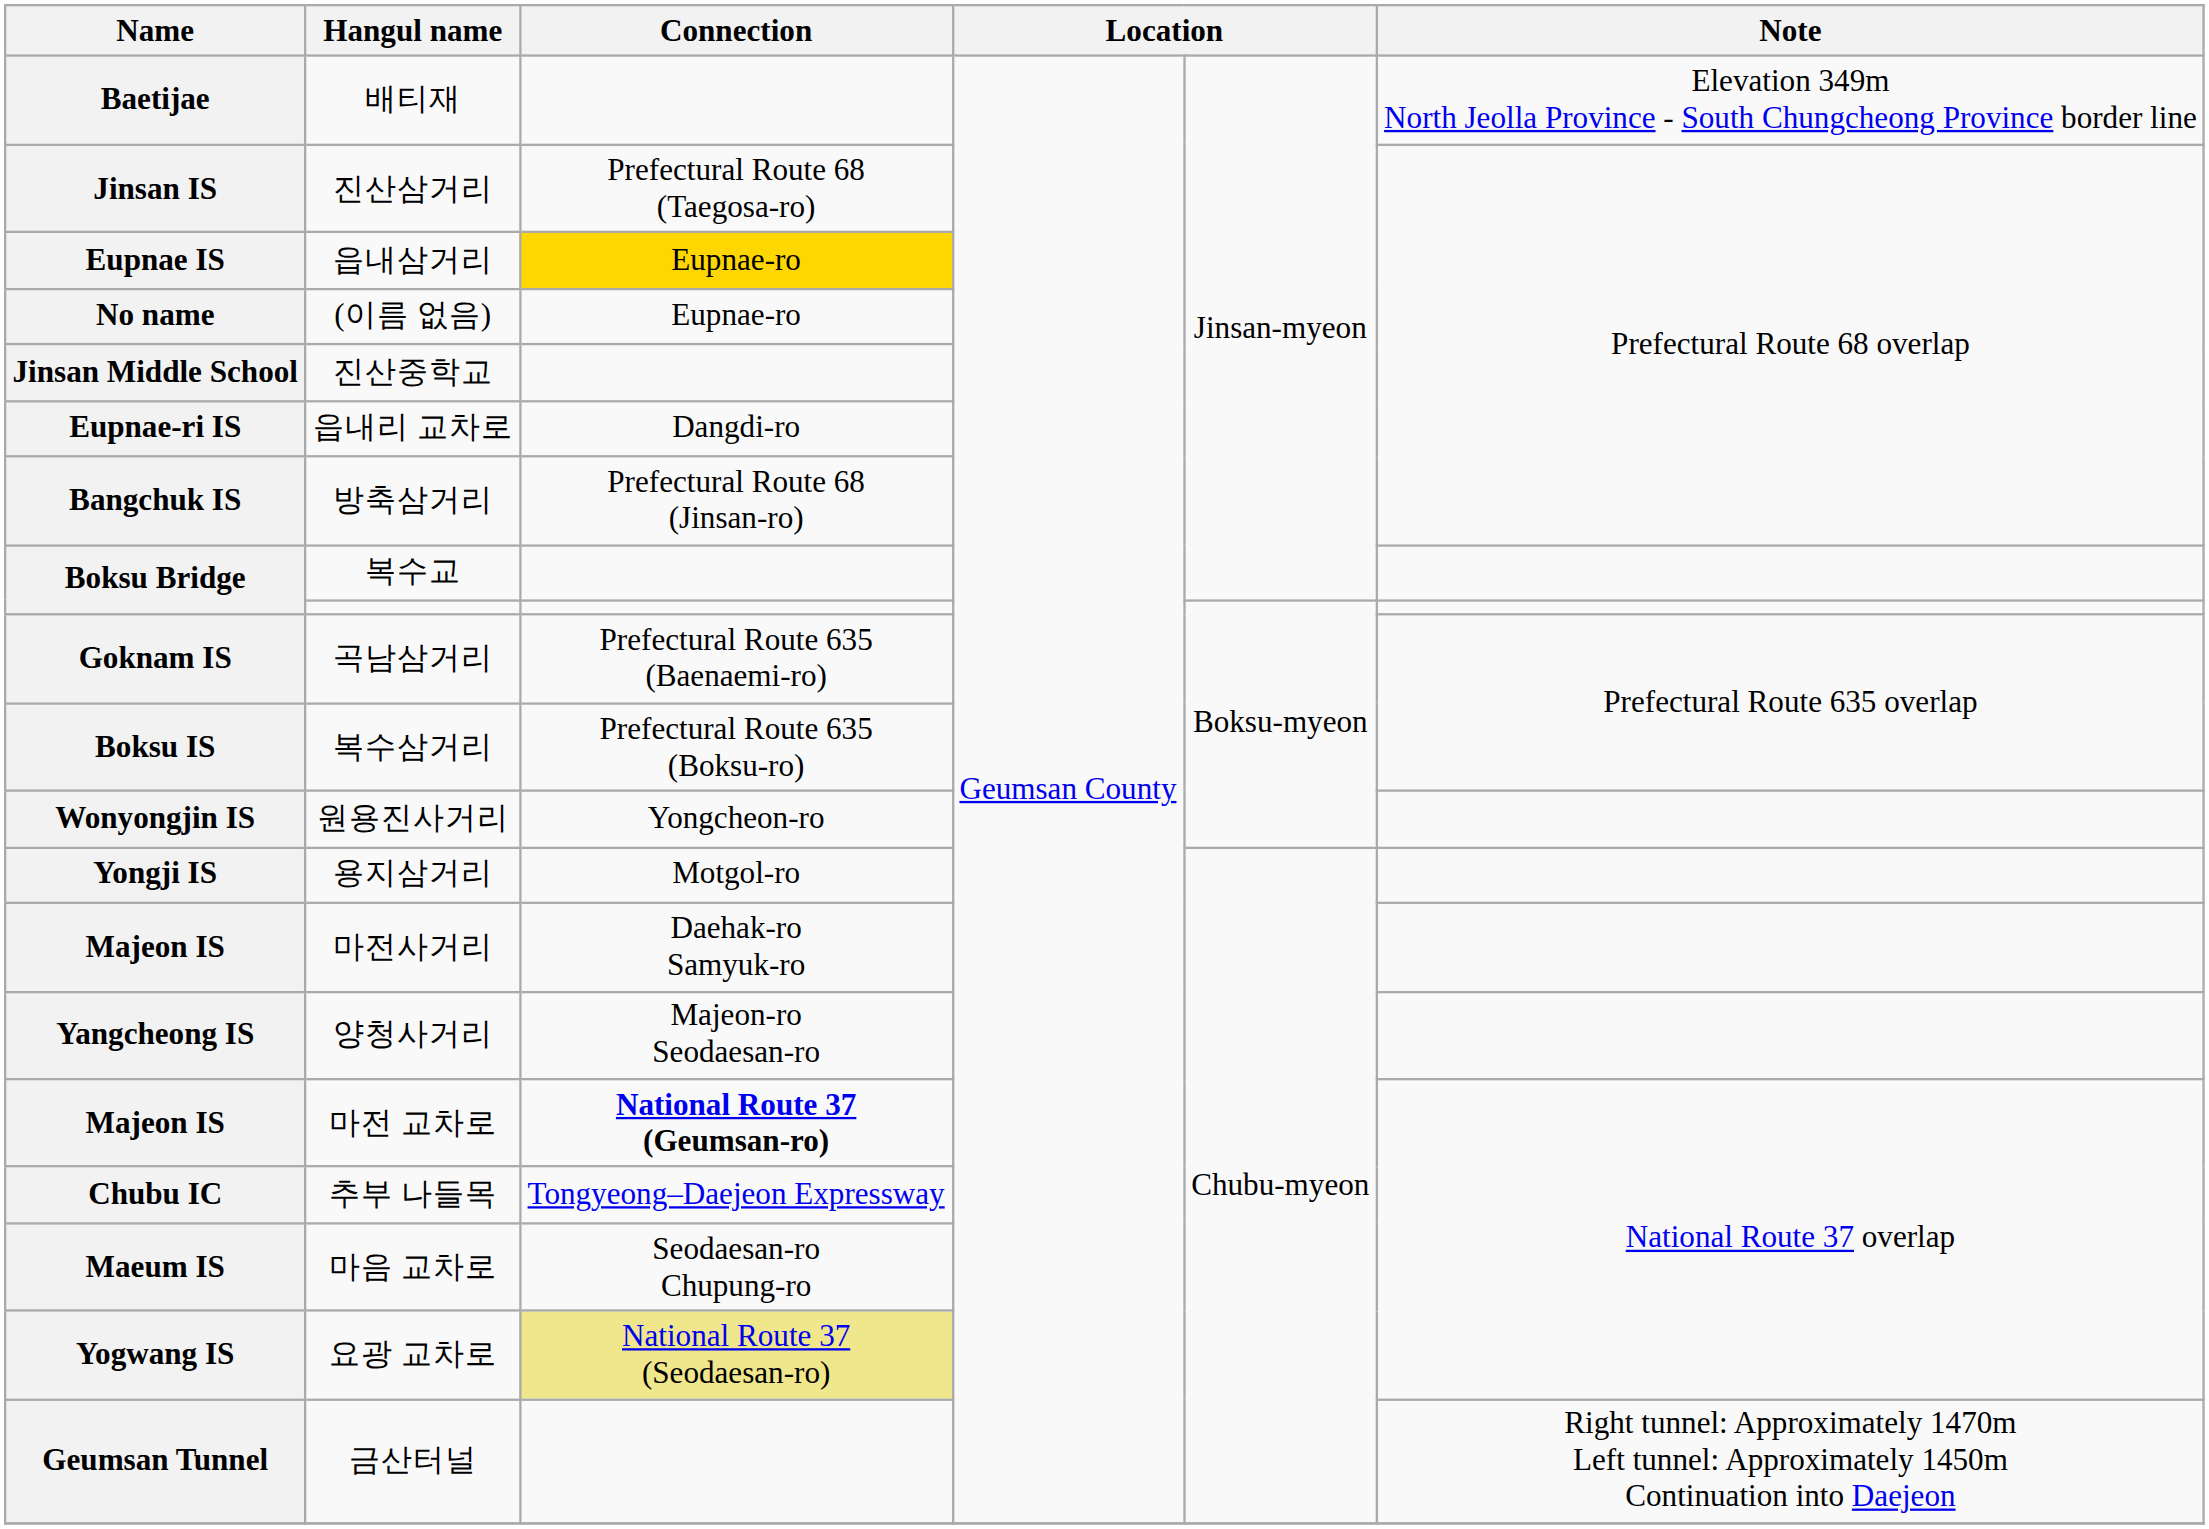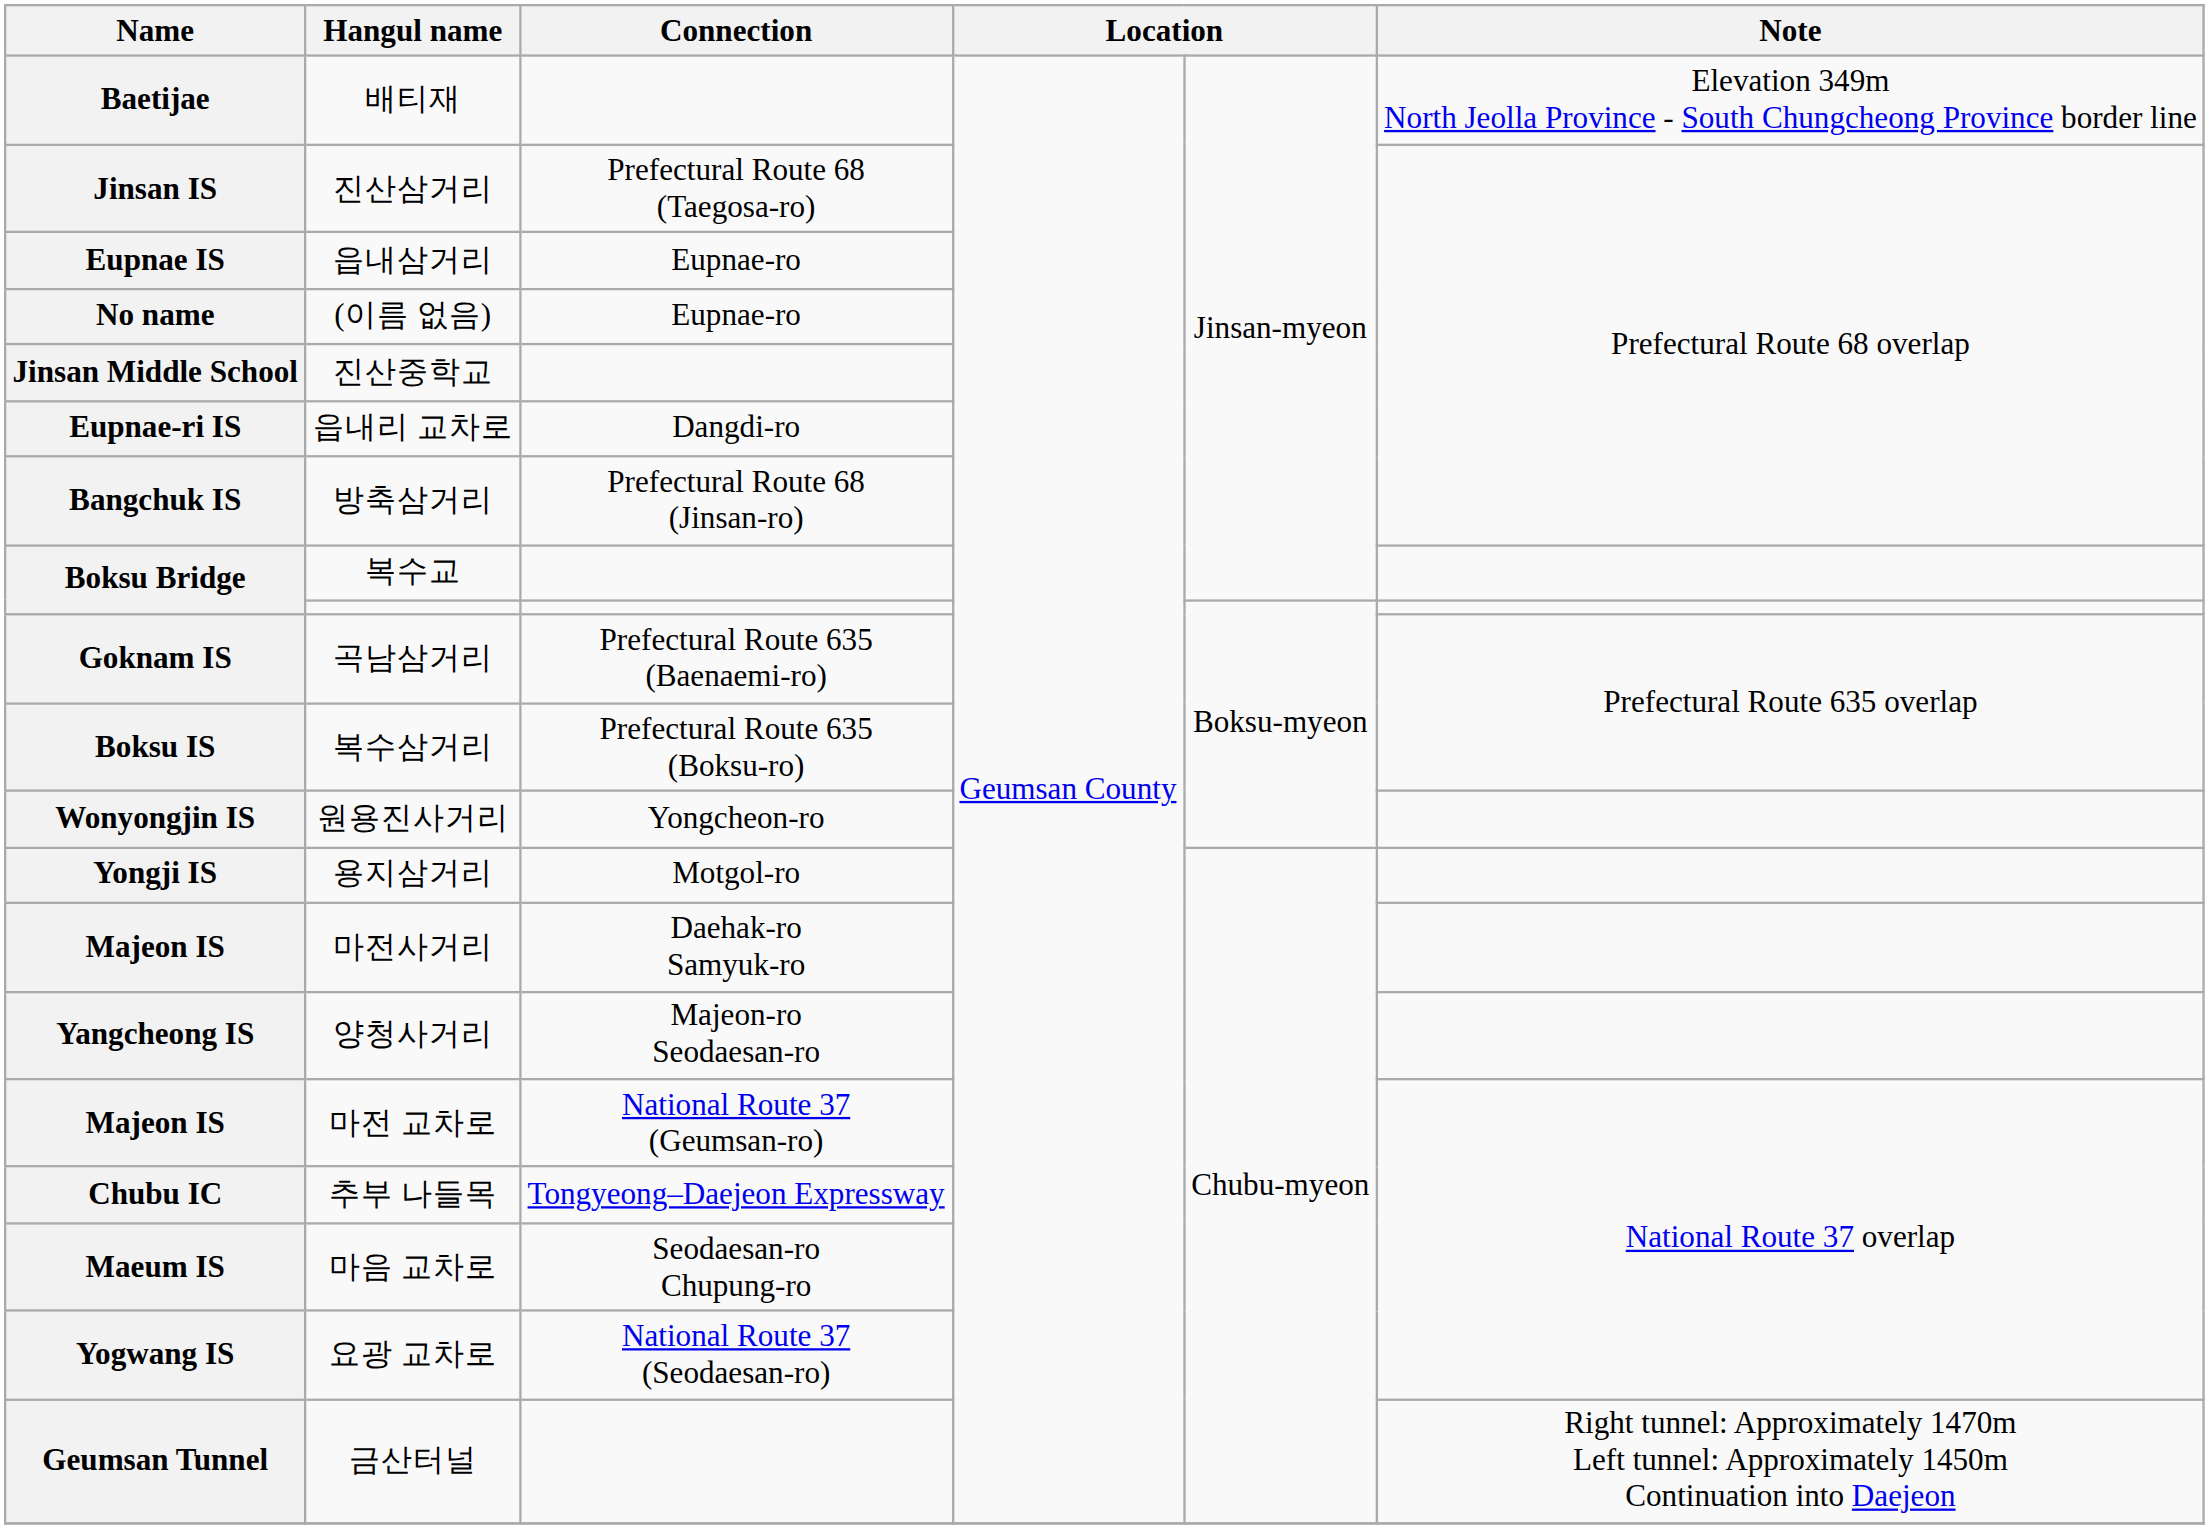 <table class="wikitable" style="font-size: 85%; text-align: center;">
 <tr>
 <th>Name </th>
 <th>Hangul name</th>
 <th>Connection</th>
 <th colspan="2">Location</th>
 <th>Note</th>
 </tr>
 <tr>
 <th>Baetijae</th>
 <td>배티재</td>
 <td></td>
 <td rowspan=20><a href='#'>Geumsan County</a></td>
 <td rowspan=8>Jinsan-myeon</td>
 <td>Elevation 349m<br><a href='#'>North Jeolla Province</a> - <a href='#'>South Chungcheong Province</a> border line</td>
 </tr>
 <tr>
 <th>Jinsan IS</th>
 <td>진산삼거리</td>
 <td>Prefectural Route 68<br>(Taegosa-ro)</td>
 <td rowspan=6>Prefectural Route 68 overlap</td>
 </tr>
 <tr>
 <th>Eupnae IS</th>
 <td>읍내삼거리</td>
-<td style="background: gold;">Eupnae-ro</td>
+<td>Eupnae-ro</td>
 </tr>
 <tr>
 <th>No name</th>
 <td>(이름 없음)</td>
 <td>Eupnae-ro</td>
 </tr>
 <tr>
 <th>Jinsan Middle School</th>
 <td>진산중학교</td>
 <td></td>
 </tr>
 <tr>
 <th>Eupnae-ri IS</th>
 <td>읍내리 교차로</td>
 <td>Dangdi-ro</td>
 </tr>
 <tr>
 <th>Bangchuk IS</th>
 <td>방축삼거리</td>
 <td>Prefectural Route 68<br>(Jinsan-ro)</td>
 </tr>
 <tr>
 <th rowspan=2>Boksu Bridge</th>
 <td>복수교</td>
 <td></td>
 <td></td>
 </tr>
 <tr>
 <td></td>
 <td></td>
 <td rowspan=4>Boksu-myeon</td>
 <td></td>
 </tr>
 <tr>
 <th>Goknam IS</th>
 <td>곡남삼거리</td>
 <td>Prefectural Route 635<br>(Baenaemi-ro)</td>
 <td rowspan=2>Prefectural Route 635 overlap</td>
 </tr>
 <tr>
 <th>Boksu IS</th>
 <td>복수삼거리</td>
 <td>Prefectural Route 635<br>(Boksu-ro)</td>
 </tr>
 <tr>
 <th>Wonyongjin IS</th>
 <td>원용진사거리</td>
 <td>Yongcheon-ro</td>
 <td></td>
 </tr>
 <tr>
 <th>Yongji IS</th>
 <td>용지삼거리</td>
 <td>Motgol-ro</td>
 <td rowspan=8>Chubu-myeon</td>
 <td></td>
 </tr>
 <tr>
 <th>Majeon IS</th>
 <td>마전사거리</td>
 <td>Daehak-ro<br>Samyuk-ro</td>
 <td></td>
 </tr>
 <tr>
 <th>Yangcheong IS</th>
 <td>양청사거리</td>
 <td>Majeon-ro<br>Seodaesan-ro</td>
 <td></td>
 </tr>
 <tr>
 <th>Majeon IS</th>
 <td>마전 교차로</td>
-<td><strong><a href='#'>National Route 37</a><br>(Geumsan-ro)</strong></td>
+<td><a href='#'>National Route 37</a><br>(Geumsan-ro)</td>
 <td rowspan=4><a href='#'>National Route 37</a> overlap</td>
 </tr>
 <tr>
 <th>Chubu IC</th>
 <td>추부 나들목</td>
 <td><a href='#'>Tongyeong–Daejeon Expressway</a></td>
 </tr>
 <tr>
 <th>Maeum IS</th>
 <td>마음 교차로</td>
 <td>Seodaesan-ro<br>Chupung-ro</td>
 </tr>
 <tr>
 <th>Yogwang IS</th>
 <td>요광 교차로</td>
-<td style="background: khaki;"><a href='#'>National Route 37</a><br>(Seodaesan-ro)</td>
+<td><a href='#'>National Route 37</a><br>(Seodaesan-ro)</td>
 </tr>
 <tr>
 <th>Geumsan Tunnel</th>
 <td>금산터널</td>
 <td></td>
 <td>Right tunnel: Approximately 1470m<br>Left tunnel: Approximately 1450m<br>Continuation into <a href='#'>Daejeon</a></td>
 </tr>
 <tr>
 </tr>
 </table>
